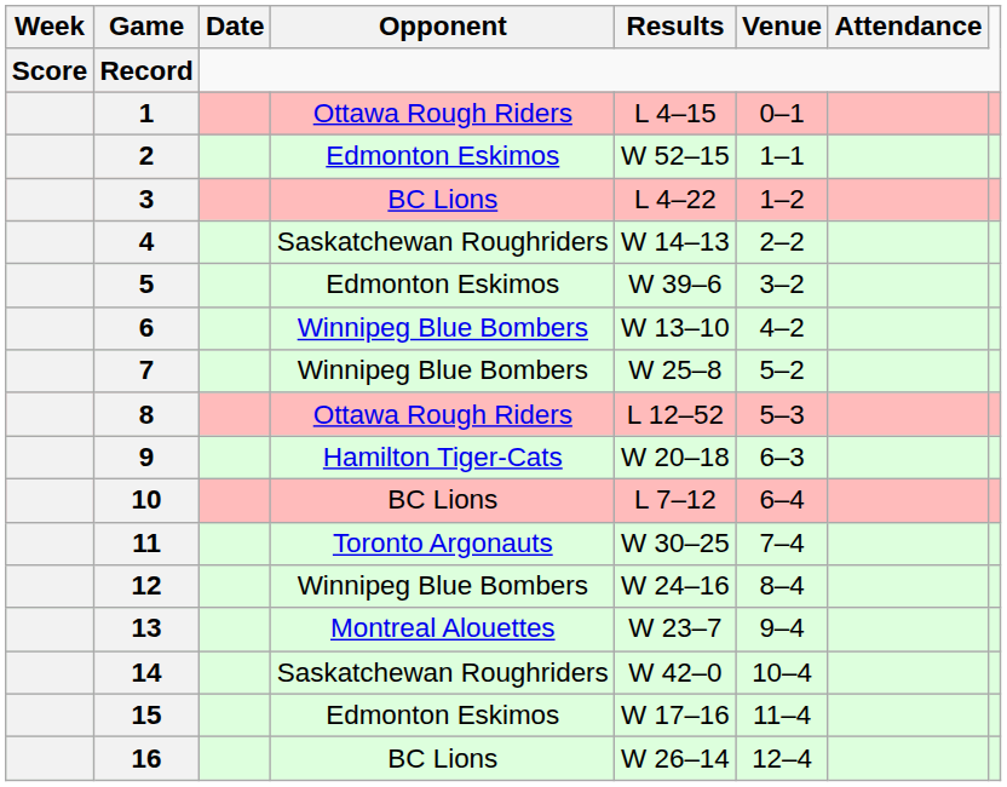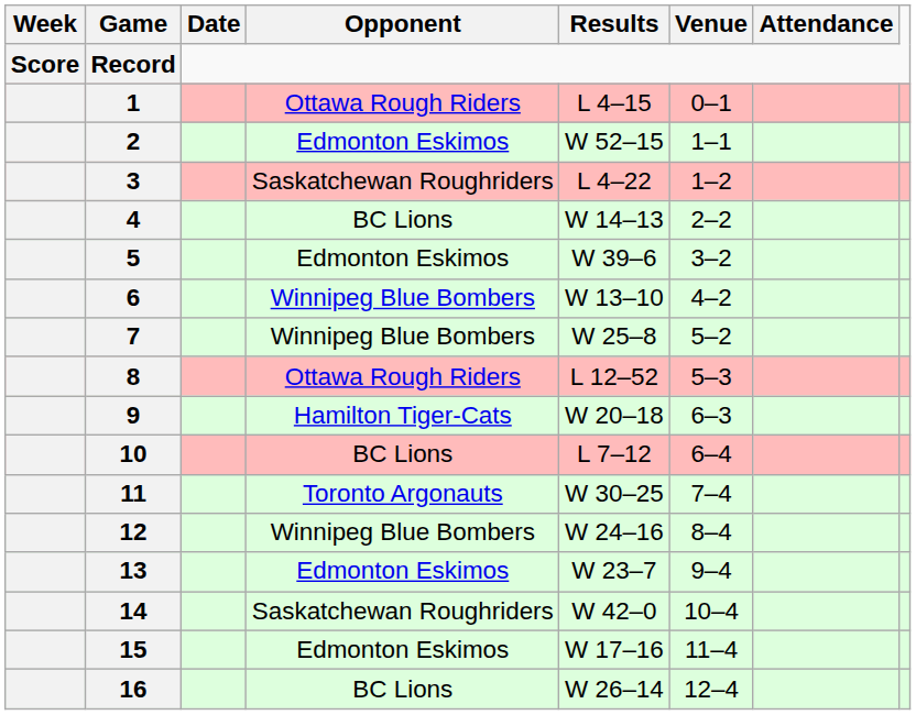 <table class="wikitable" style="text-align:center">
 <tr>
 <th>Week</th>
 <th>Game</th>
 <th>Date</th>
 <th>Opponent</th>
 <th>Results</th>
 <th>Venue</th>
 <th>Attendance</th>
 </tr>
 <tr>
 <th>Score</th>
 <th>Record</th>
 </tr>
 <tr style="background:#ffbbbb">
 <th></th>
 <th>1</th>
 <td></td>
 <td><a href='#'>Ottawa Rough Riders</a></td>
 <td>L 4–15</td>
 <td>0–1</td>
 <td></td>
 <td></td>
 </tr>
 <tr style="background:#ddffdd">
 <th></th>
 <th>2</th>
 <td></td>
 <td><a href='#'>Edmonton Eskimos</a></td>
 <td>W 52–15</td>
 <td>1–1</td>
 <td></td>
 <td></td>
 </tr>
 <tr style="background:#ffbbbb">
 <th></th>
 <th>3</th>
 <td></td>
-<td><a href='#'>BC Lions</a></td>
+<td>Saskatchewan Roughriders</td>
 <td>L 4–22</td>
 <td>1–2</td>
 <td></td>
 <td></td>
 </tr>
 <tr style="background:#ddffdd">
 <th></th>
 <th>4</th>
 <td></td>
-<td>Saskatchewan Roughriders</td>
+<td>BC Lions</td>
 <td>W 14–13</td>
 <td>2–2</td>
 <td></td>
 <td></td>
 </tr>
 <tr style="background:#ddffdd">
 <th></th>
 <th>5</th>
 <td></td>
 <td>Edmonton Eskimos</td>
 <td>W 39–6</td>
 <td>3–2</td>
 <td></td>
 <td></td>
 </tr>
 <tr style="background:#ddffdd">
 <th></th>
 <th>6</th>
 <td></td>
 <td><a href='#'>Winnipeg Blue Bombers</a></td>
 <td>W 13–10</td>
 <td>4–2</td>
 <td></td>
 <td></td>
 </tr>
 <tr style="background:#ddffdd">
 <th></th>
 <th>7</th>
 <td></td>
 <td>Winnipeg Blue Bombers</td>
 <td>W 25–8</td>
 <td>5–2</td>
 <td></td>
 <td></td>
 </tr>
 <tr style="background:#ffbbbb">
 <th></th>
 <th>8</th>
 <td></td>
 <td><a href='#'>Ottawa Rough Riders</a></td>
 <td>L 12–52</td>
 <td>5–3</td>
 <td></td>
 <td></td>
 </tr>
 <tr style="background:#ddffdd">
 <th></th>
 <th>9</th>
 <td></td>
 <td><a href='#'>Hamilton Tiger-Cats</a></td>
 <td>W 20–18</td>
 <td>6–3</td>
 <td></td>
 <td></td>
 </tr>
 <tr style="background:#ffbbbb">
 <th></th>
 <th>10</th>
 <td></td>
 <td>BC Lions</td>
 <td>L 7–12</td>
 <td>6–4</td>
 <td></td>
 <td></td>
 </tr>
 <tr style="background:#ddffdd">
 <th></th>
 <th>11</th>
 <td></td>
 <td><a href='#'>Toronto Argonauts</a></td>
 <td>W 30–25</td>
 <td>7–4</td>
 <td></td>
 <td></td>
 </tr>
 <tr style="background:#ddffdd">
 <th></th>
 <th>12</th>
 <td></td>
 <td>Winnipeg Blue Bombers</td>
 <td>W 24–16</td>
 <td>8–4</td>
 <td></td>
 <td></td>
 </tr>
 <tr style="background:#ddffdd">
 <th></th>
 <th>13</th>
 <td></td>
-<td><a href='#'>Montreal Alouettes</a></td>
+<td><a href='#'>Edmonton Eskimos</a></td>
 <td>W 23–7</td>
 <td>9–4</td>
 <td></td>
 <td></td>
 </tr>
 <tr style="background:#ddffdd">
 <th></th>
 <th>14</th>
 <td></td>
 <td>Saskatchewan Roughriders</td>
 <td>W 42–0</td>
 <td>10–4</td>
 <td></td>
 <td></td>
 </tr>
 <tr style="background:#ddffdd">
 <th></th>
 <th>15</th>
 <td></td>
 <td>Edmonton Eskimos</td>
 <td>W 17–16</td>
 <td>11–4</td>
 <td></td>
 <td></td>
 </tr>
 <tr style="background:#ddffdd">
 <th></th>
 <th>16</th>
 <td></td>
 <td>BC Lions</td>
 <td>W 26–14</td>
 <td>12–4</td>
 <td></td>
 <td></td>
 </tr>
 </table>
